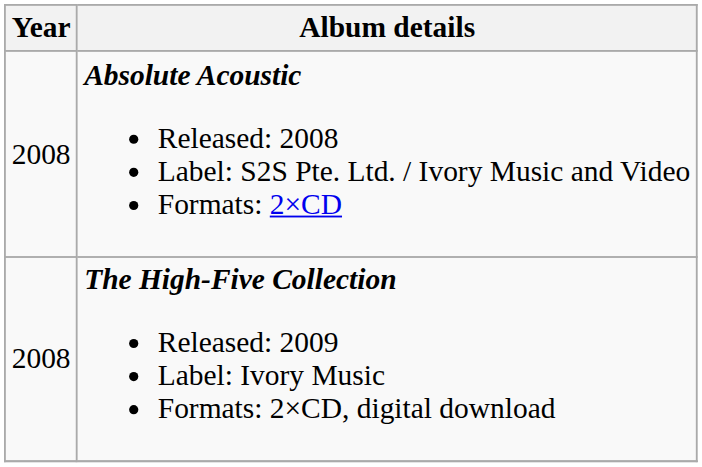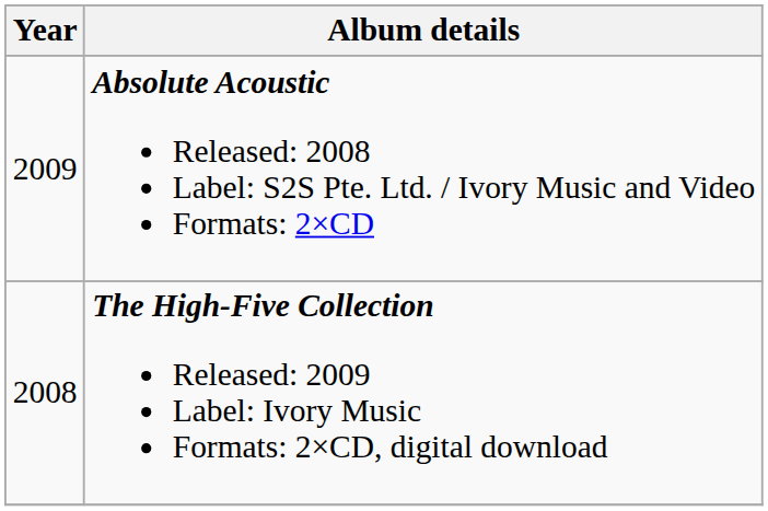 <table class="wikitable">
 <tr>
 <th>Year</th>
 <th>Album details</th>
 </tr>
 <tr>
-<td>2008</td>
+<td>2009</td>
 <td><strong><em>Absolute Acoustic</em></strong><br><ul><li>Released: 2008</li><li>Label: S2S Pte. Ltd. / Ivory Music and Video</li><li>Formats: <a href='#'>2×CD</a></li></ul></td>
 </tr>
 <tr>
 <td>2008</td>
 <td><strong><em>The High-Five Collection</em></strong><br><ul><li>Released: 2009</li><li>Label: Ivory Music</li><li>Formats: 2×CD, digital download</li></ul></td>
 </tr>
 <tr>
 </tr>
 </table>
